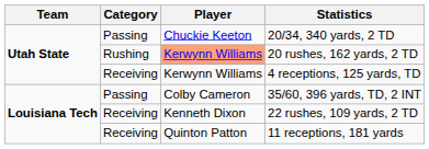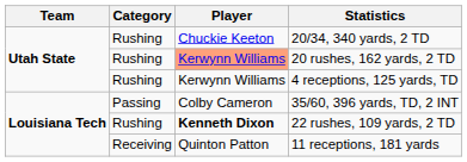 <table class="wikitable" style="float: left;">
 <tr>
 <th>Team</th>
 <th>Category</th>
 <th>Player</th>
 <th>Statistics</th>
 </tr>
 <tr>
 <td rowspan=3><strong>Utah State</strong></td>
-<td>Passing</td>
+<td>Rushing</td>
 <td><a href='#'>Chuckie Keeton</a></td>
 <td>20/34, 340 yards, 2 TD</td>
 </tr>
 <tr>
 <td>Rushing</td>
 <td style="background: lightsalmon;"><a href='#'>Kerwynn Williams</a></td>
 <td>20 rushes, 162 yards, 2 TD</td>
 </tr>
 <tr>
-<td>Receiving</td>
+<td>Rushing</td>
 <td>Kerwynn Williams</td>
 <td>4 receptions, 125 yards, TD</td>
 </tr>
 <tr>
 <td rowspan=3><strong>Louisiana Tech</strong></td>
 <td>Passing</td>
 <td>Colby Cameron</td>
 <td>35/60, 396 yards, TD, 2 INT</td>
 </tr>
 <tr>
-<td>Receiving</td>
-<td>Kenneth Dixon</td>
+<td>Rushing</td>
+<td><strong>Kenneth Dixon</strong></td>
 <td>22 rushes, 109 yards, 2 TD</td>
 </tr>
 <tr>
 <td>Receiving</td>
 <td>Quinton Patton</td>
 <td>11 receptions, 181 yards</td>
 </tr>
 </table>
